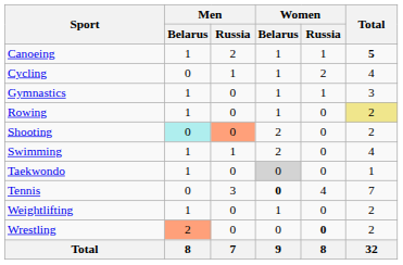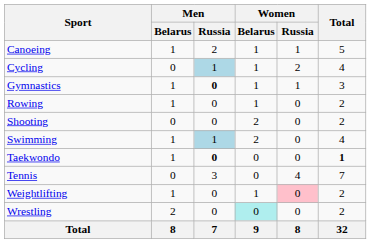 <table class="wikitable" style="text-align:center;">
 <tr>
 <th width=200 rowspan=2>Sport</th>
 <th width=100 colspan=2>Men</th>
 <th width=100 colspan=2>Women</th>
 <th width=60 rowspan=2>Total</th>
 </tr>
 <tr>
 <th width=50>Belarus</th>
 <th width=50>Russia</th>
 <th width=50>Belarus</th>
 <th width=50>Russia</th>
 </tr>
 <tr>
 <td align=left><a href='#'>Canoeing</a></td>
 <td>1</td>
 <td>2</td>
 <td>1</td>
 <td>1</td>
-<td><strong>5</strong></td>
+<td>5</td>
 </tr>
 <tr>
 <td align=left><a href='#'>Cycling</a></td>
 <td>0</td>
-<td>1</td>
+<td style="background: lightblue;">1</td>
 <td>1</td>
 <td>2</td>
 <td>4</td>
 </tr>
 <tr>
 <td align=left><a href='#'>Gymnastics</a></td>
 <td>1</td>
-<td>0</td>
+<td><strong>0</strong></td>
 <td>1</td>
 <td>1</td>
 <td>3</td>
 </tr>
 <tr>
 <td align=left><a href='#'>Rowing</a></td>
 <td>1</td>
 <td>0</td>
 <td>1</td>
 <td>0</td>
-<td style="background: khaki;">2</td>
+<td>2</td>
 </tr>
 <tr>
 <td align=left><a href='#'>Shooting</a></td>
-<td style="background: paleturquoise;">0</td>
-<td style="background: lightsalmon;">0</td>
+<td>0</td>
+<td>0</td>
 <td>2</td>
 <td>0</td>
 <td>2</td>
 </tr>
 <tr>
 <td align=left><a href='#'>Swimming</a></td>
 <td>1</td>
-<td>1</td>
+<td style="background: lightblue;">1</td>
 <td>2</td>
 <td>0</td>
 <td>4</td>
 </tr>
 <tr>
 <td align=left><a href='#'>Taekwondo</a></td>
 <td>1</td>
+<td><strong>0</strong></td>
 <td>0</td>
-<td style="background: lightgrey;">0</td>
 <td>0</td>
-<td>1</td>
+<td><strong>1</strong></td>
 </tr>
 <tr>
 <td align=left><a href='#'>Tennis</a></td>
 <td>0</td>
 <td>3</td>
-<td><strong>0</strong></td>
+<td>0</td>
 <td>4</td>
 <td>7</td>
 </tr>
 <tr>
 <td align=left><a href='#'>Weightlifting</a></td>
 <td>1</td>
 <td>0</td>
 <td>1</td>
-<td>0</td>
+<td style="background: pink;">0</td>
 <td>2</td>
 </tr>
 <tr>
 <td align=left><a href='#'>Wrestling</a></td>
-<td style="background: lightsalmon;">2</td>
+<td>2</td>
 <td>0</td>
+<td style="background: paleturquoise;">0</td>
 <td>0</td>
-<td><strong>0</strong></td>
 <td>2</td>
 </tr>
 <tr>
 <th>Total</th>
 <th>8</th>
 <th>7</th>
 <th>9</th>
 <th>8</th>
 <th>32</th>
 </tr>
 </table>
